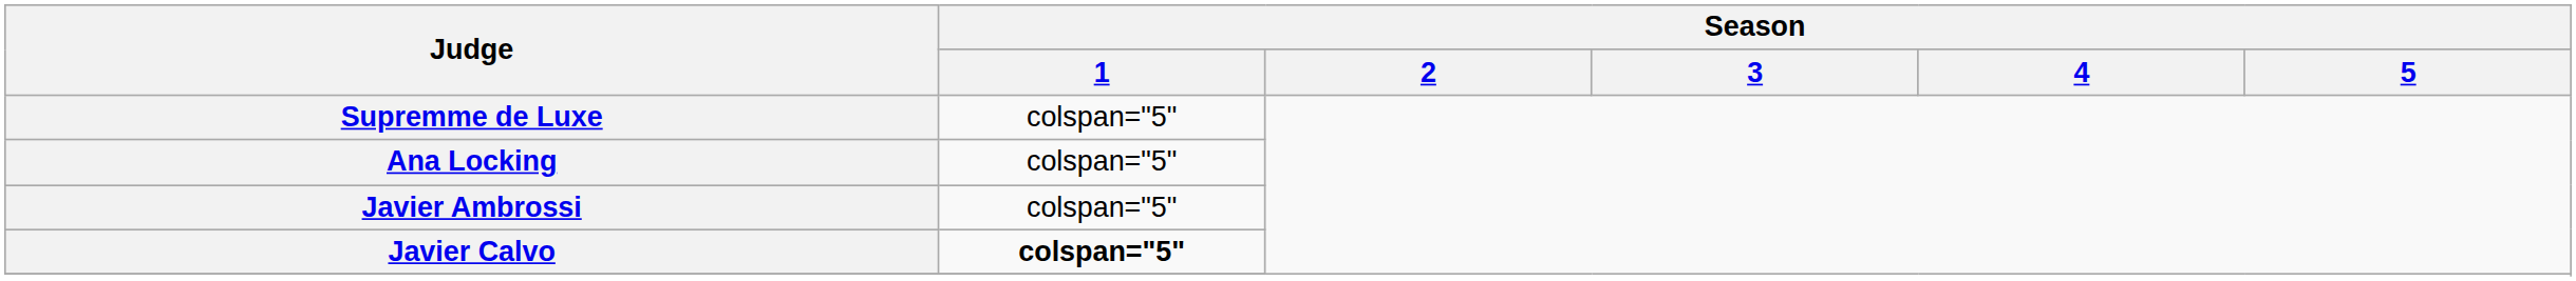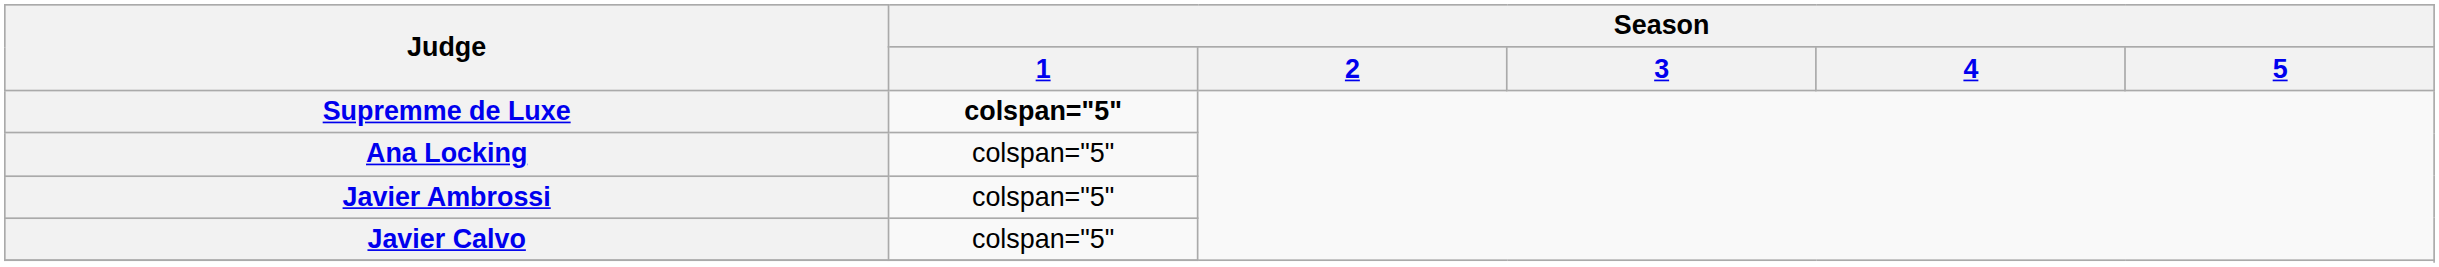 <table class="wikitable plainrowheaders" style="text-align:center">
 <tr>
 <th rowspan="2" style="width:20%;" scope="col">Judge</th>
 <th colspan="5">Season</th>
 </tr>
 <tr>
 <th style="width:7%;" scope="colspan"><a href='#'>1</a></th>
 <th style="width:7%;" scope="colspan"><a href='#'>2</a></th>
 <th style="width:7%;" scope="colspan"><a href='#'>3</a></th>
 <th style="width:7%;" scope="colspan"><a href='#'>4</a></th>
 <th style="width:7%;" scope="colspan"><a href='#'>5</a></th>
 </tr>
 <tr>
 <th scope="row" style="text-align: center;"><a href='#'>Supremme de Luxe</a></th>
-<td>colspan="5" </td>
+<td><strong>colspan="5" </strong></td>
 </tr>
 <tr>
 <th scope="row" style="text-align: center;"><a href='#'>Ana Locking</a></th>
 <td>colspan="5" </td>
 </tr>
 <tr>
 <th scope="row" style="text-align: center;"><a href='#'>Javier Ambrossi</a></th>
 <td>colspan="5" </td>
 </tr>
 <tr>
 <th scope="row" style="text-align: center;"><a href='#'>Javier Calvo</a></th>
-<td><strong>colspan="5" </strong></td>
+<td>colspan="5" </td>
 </tr>
 <tr>
 </tr>
 </table>
